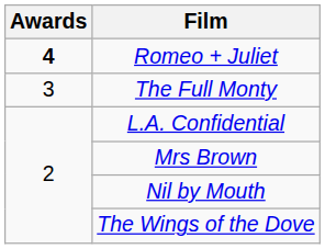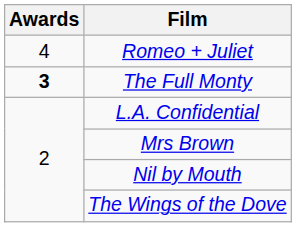 <table class="wikitable" style="text-align:center;">
 <tr>
 <th style="background:">Awards</th>
 <th style="background:">Film</th>
 </tr>
 <tr>
-<td><strong>4</strong></td>
+<td>4</td>
 <td><em><a href='#'>Romeo + Juliet</a></em></td>
 </tr>
 <tr>
-<td>3</td>
+<td><strong>3</strong></td>
 <td><em><a href='#'>The Full Monty</a></em></td>
 </tr>
 <tr>
 <td rowspan="4">2</td>
 <td><em><a href='#'>L.A. Confidential</a></em></td>
 </tr>
 <tr>
 <td><em><a href='#'>Mrs Brown</a></em></td>
 </tr>
 <tr>
 <td><em><a href='#'>Nil by Mouth</a></em></td>
 </tr>
 <tr>
 <td><em><a href='#'>The Wings of the Dove</a></em></td>
 </tr>
 </table>
